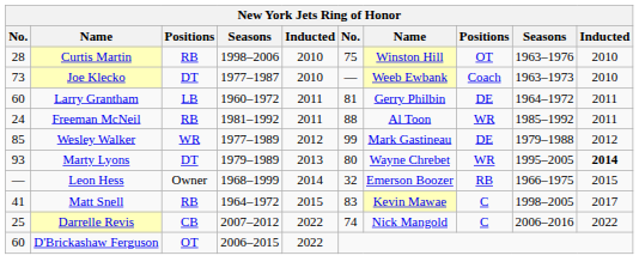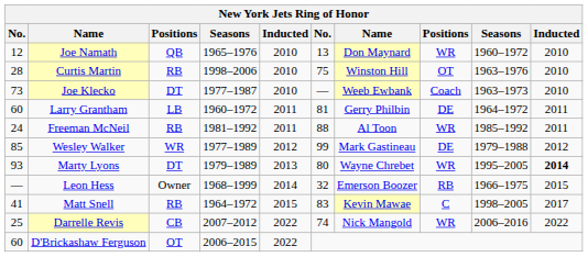 <table class="wikitable" style="text-align:center; margin: 1em auto;">
 <tr>
 <th colspan="10">New York Jets Ring of Honor</th>
 </tr>
 <tr>
 <th>No.</th>
 <th>Name</th>
 <th>Positions</th>
 <th>Seasons</th>
 <th>Inducted</th>
 <th>No.</th>
 <th>Name</th>
 <th>Positions</th>
 <th>Seasons</th>
 <th>Inducted</th>
+</tr>
+<tr>
+<td>12</td>
+<td style="background:#ffb"><a href='#'>Joe Namath</a></td>
+<td><a href='#'>QB</a></td>
+<td>1965–1976</td>
+<td>2010</td>
+<td>13</td>
+<td style="background:#ffb"><a href='#'>Don Maynard</a></td>
+<td><a href='#'>WR</a></td>
+<td>1960–1972</td>
+<td>2010</td>
 </tr>
 <tr>
 <td>28</td>
 <td style="background:#ffb"><a href='#'>Curtis Martin</a></td>
 <td><a href='#'>RB</a></td>
 <td>1998–2006</td>
 <td>2010</td>
 <td>75</td>
 <td style="background:#ffb"><a href='#'>Winston Hill</a></td>
 <td><a href='#'>OT</a></td>
 <td>1963–1976</td>
 <td>2010</td>
 </tr>
 <tr>
 <td>73</td>
 <td style="background:#ffb"><a href='#'>Joe Klecko</a></td>
 <td><a href='#'>DT</a></td>
 <td>1977–1987</td>
 <td>2010</td>
 <td>—</td>
 <td style="background:#ffb"><a href='#'>Weeb Ewbank</a></td>
 <td><a href='#'>Coach</a></td>
 <td>1963–1973</td>
 <td>2010</td>
 </tr>
 <tr>
 <td>60</td>
 <td><a href='#'>Larry Grantham</a></td>
 <td><a href='#'>LB</a></td>
 <td>1960–1972</td>
 <td>2011</td>
 <td>81</td>
 <td><a href='#'>Gerry Philbin</a></td>
 <td><a href='#'>DE</a></td>
 <td>1964–1972</td>
 <td>2011</td>
 </tr>
 <tr>
 <td>24</td>
 <td><a href='#'>Freeman McNeil</a></td>
 <td><a href='#'>RB</a></td>
 <td>1981–1992</td>
 <td>2011</td>
 <td>88</td>
 <td><a href='#'>Al Toon</a></td>
 <td><a href='#'>WR</a></td>
 <td>1985–1992</td>
 <td>2011</td>
 </tr>
 <tr>
 <td>85</td>
 <td><a href='#'>Wesley Walker</a></td>
 <td><a href='#'>WR</a></td>
 <td>1977–1989</td>
 <td>2012</td>
 <td>99</td>
 <td><a href='#'>Mark Gastineau</a></td>
 <td><a href='#'>DE</a></td>
 <td>1979–1988</td>
 <td>2012</td>
 </tr>
 <tr>
 <td>93</td>
 <td><a href='#'>Marty Lyons</a></td>
 <td><a href='#'>DT</a></td>
 <td>1979–1989</td>
 <td>2013</td>
 <td>80</td>
 <td><a href='#'>Wayne Chrebet</a></td>
 <td><a href='#'>WR</a></td>
 <td>1995–2005</td>
 <td><strong>2014</strong></td>
 </tr>
 <tr>
 <td>—</td>
 <td><a href='#'>Leon Hess</a></td>
 <td>Owner</td>
 <td>1968–1999</td>
 <td>2014</td>
 <td>32</td>
 <td><a href='#'>Emerson Boozer</a></td>
 <td><a href='#'>RB</a></td>
 <td>1966–1975</td>
 <td>2015</td>
 </tr>
 <tr>
 <td>41</td>
 <td><a href='#'>Matt Snell</a></td>
 <td><a href='#'>RB</a></td>
 <td>1964–1972</td>
 <td>2015</td>
 <td>83</td>
 <td style="background:#ffb"><a href='#'>Kevin Mawae</a></td>
 <td><a href='#'>C</a></td>
 <td>1998–2005</td>
 <td>2017</td>
 </tr>
 <tr>
 <td>25</td>
 <td style="background:#ffb"><a href='#'>Darrelle Revis</a></td>
 <td><a href='#'>CB</a></td>
 <td>2007–2012</td>
 <td>2022</td>
 <td>74</td>
 <td><a href='#'>Nick Mangold</a></td>
-<td><a href='#'>C</a></td>
+<td><a href='#'>WR</a></td>
 <td>2006–2016</td>
 <td>2022</td>
 </tr>
 <tr>
 <td>60</td>
 <td><a href='#'>D'Brickashaw Ferguson</a></td>
 <td><a href='#'>OT</a></td>
 <td>2006–2015</td>
 <td>2022</td>
 </tr>
 </table>
